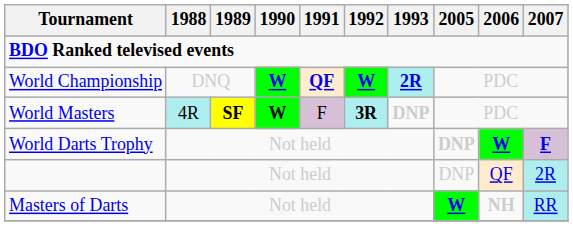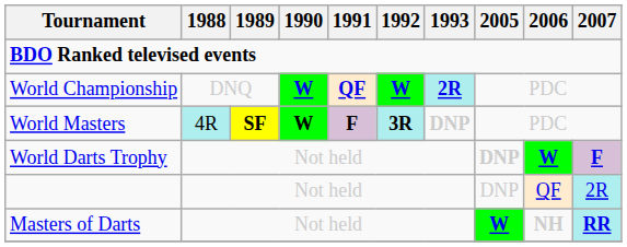 <table class=wikitable style=text-align:center;font-size:75%>
 <tr>
 <th>Tournament</th>
 <th>1988</th>
 <th>1989</th>
 <th>1990</th>
 <th>1991</th>
 <th>1992</th>
 <th>1993</th>
 <th>2005</th>
 <th>2006</th>
 <th>2007</th>
 </tr>
 <tr>
 <td colspan="33" align="left"><strong><a href='#'>BDO</a> Ranked televised events</strong></td>
 </tr>
 <tr>
 <td align=left><a href='#'>World Championship</a></td>
 <td colspan="2" style="text-align:center; color:#ccc;">DNQ</td>
 <td style="text-align:center; background:lime;"><strong><a href='#'>W</a></strong></td>
 <td style="text-align:center; background:#ffebcd;"><strong><a href='#'>QF</a></strong></td>
 <td style="text-align:center; background:lime;"><strong><a href='#'>W</a></strong></td>
 <td style="text-align:center; background:#afeeee;"><strong><a href='#'>2R</a></strong></td>
 <td colspan="3" style="text-align:center; color:#ccc;">PDC</td>
 </tr>
 <tr>
 <td align=left><a href='#'>World Masters</a></td>
 <td style="text-align:center; background:#afeeee;">4R</td>
 <td style="text-align:center; background:yellow;"><strong>SF</strong></td>
 <td style="text-align:center; background:lime;"><strong>W</strong></td>
-<td style="text-align:center; background:thistle;">F</td>
+<td style="text-align:center; background:thistle;"><strong>F</strong></td>
 <td style="text-align:center; background:#afeeee;"><strong>3R</strong></td>
 <td style="text-align:center; color:#ccc;"><strong>DNP</strong></td>
 <td colspan="3" style="text-align:center; color:#ccc;">PDC</td>
 </tr>
 <tr>
 <td align=left><a href='#'>World Darts Trophy</a></td>
 <td colspan="6" style="text-align:center; color:#ccc;">Not held</td>
 <td style="text-align:center; color:#ccc;"><strong>DNP</strong></td>
 <td style="text-align:center; background:lime;"><strong><a href='#'>W</a></strong></td>
 <td style="text-align:center; background:thistle;"><strong><a href='#'>F</a></strong></td>
 </tr>
 <tr>
 <td align=left></td>
 <td colspan="6" style="text-align:center; color:#ccc;">Not held</td>
 <td style="text-align:center; color:#ccc;">DNP</td>
 <td style="text-align:center; background:#ffebcd;"><a href='#'>QF</a></td>
 <td style="text-align:center; background:#afeeee;"><a href='#'>2R</a></td>
 </tr>
 <tr>
 <td align=left><a href='#'>Masters of Darts</a></td>
 <td colspan="6" style="text-align:center; color:#ccc;">Not held</td>
 <td style="text-align:center; background:lime;"><strong><a href='#'>W</a></strong></td>
 <td style="text-align:center; color:#ccc;"><strong>NH</strong></td>
-<td style="text-align:center; background:#afeeee;"><a href='#'>RR</a></td>
+<td style="text-align:center; background:#afeeee;"><strong><a href='#'>RR</a></strong></td>
 </tr>
 <tr>
 </tr>
 </table>
